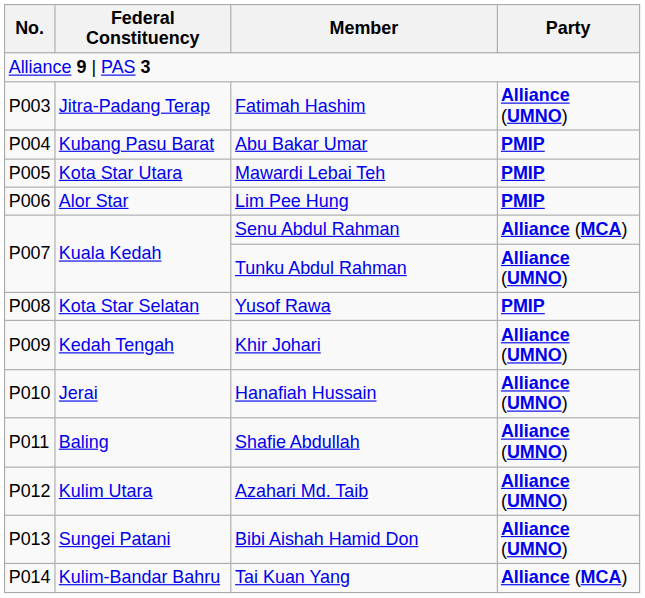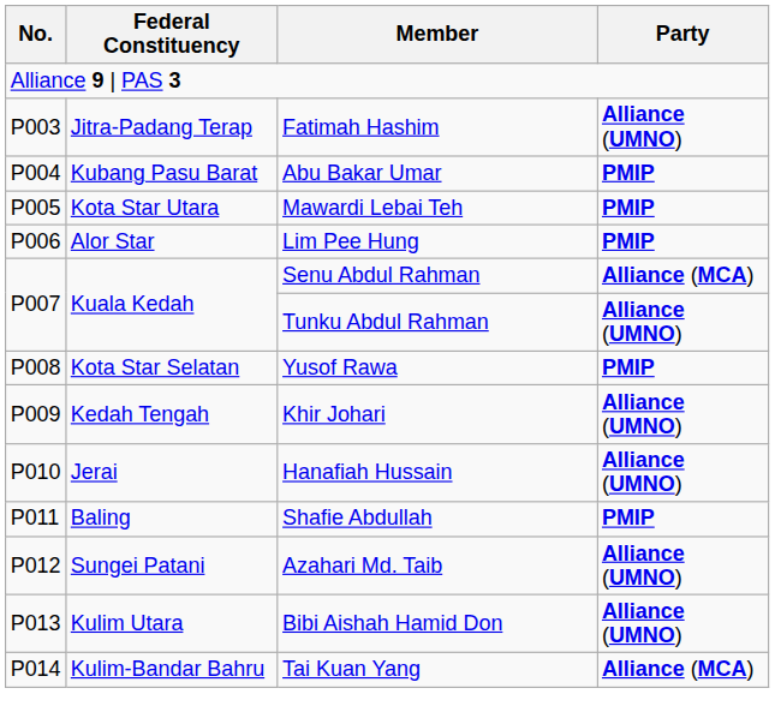 <table class="wikitable sortable">
 <tr>
 <th style="width:30px;">No.</th>
 <th style="width:150px;">Federal Constituency</th>
 <th style="width:230px;">Member</th>
 <th style="width:120px;">Party</th>
 </tr>
 <tr>
 <td colspan="4"><a href='#'>Alliance</a> <strong>9</strong> | <a href='#'>PAS</a> <strong>3</strong></td>
 </tr>
 <tr>
 <td>P003</td>
 <td><a href='#'>Jitra-Padang Terap</a></td>
 <td><a href='#'>Fatimah Hashim</a></td>
 <td><strong><a href='#'>Alliance</a></strong> (<strong><a href='#'>UMNO</a></strong>)</td>
 </tr>
 <tr>
 <td>P004</td>
 <td><a href='#'>Kubang Pasu Barat</a></td>
 <td><a href='#'>Abu Bakar Umar</a></td>
 <td><strong><a href='#'>PMIP</a></strong></td>
 </tr>
 <tr>
 <td>P005</td>
 <td><a href='#'>Kota Star Utara</a></td>
 <td><a href='#'>Mawardi Lebai Teh</a></td>
 <td><strong><a href='#'>PMIP</a></strong></td>
 </tr>
 <tr>
 <td>P006</td>
 <td><a href='#'>Alor Star</a></td>
 <td><a href='#'>Lim Pee Hung</a></td>
 <td><strong><a href='#'>PMIP</a></strong></td>
 </tr>
 <tr>
 <td rowspan=2>P007</td>
 <td rowspan=2><a href='#'>Kuala Kedah</a></td>
 <td><a href='#'>Senu Abdul Rahman</a> </td>
 <td><strong><a href='#'>Alliance</a></strong> (<strong><a href='#'>MCA</a></strong>)</td>
 </tr>
 <tr>
 <td><a href='#'>Tunku Abdul Rahman</a> </td>
 <td><strong><a href='#'>Alliance</a></strong> (<strong><a href='#'>UMNO</a></strong>)</td>
 </tr>
 <tr>
 <td>P008</td>
 <td><a href='#'>Kota Star Selatan</a></td>
 <td><a href='#'>Yusof Rawa</a></td>
 <td><strong><a href='#'>PMIP</a></strong></td>
 </tr>
 <tr>
 <td>P009</td>
 <td><a href='#'>Kedah Tengah</a></td>
 <td><a href='#'>Khir Johari</a></td>
 <td><strong><a href='#'>Alliance</a></strong> (<strong><a href='#'>UMNO</a></strong>)</td>
 </tr>
 <tr>
 <td>P010</td>
 <td><a href='#'>Jerai</a></td>
 <td><a href='#'>Hanafiah Hussain</a></td>
 <td><strong><a href='#'>Alliance</a></strong> (<strong><a href='#'>UMNO</a></strong>)</td>
 </tr>
 <tr>
 <td>P011</td>
 <td><a href='#'>Baling</a></td>
 <td><a href='#'>Shafie Abdullah</a></td>
-<td><strong><a href='#'>Alliance</a></strong> (<strong><a href='#'>UMNO</a></strong>)</td>
+<td><strong><a href='#'>PMIP</a></strong></td>
 </tr>
 <tr>
 <td>P012</td>
-<td><a href='#'>Kulim Utara</a></td>
+<td><a href='#'>Sungei Patani</a></td>
 <td><a href='#'>Azahari Md. Taib</a></td>
 <td><strong><a href='#'>Alliance</a></strong> (<strong><a href='#'>UMNO</a></strong>)</td>
 </tr>
 <tr>
 <td>P013</td>
-<td><a href='#'>Sungei Patani</a></td>
+<td><a href='#'>Kulim Utara</a></td>
 <td><a href='#'>Bibi Aishah Hamid Don</a></td>
 <td><strong><a href='#'>Alliance</a></strong> (<strong><a href='#'>UMNO</a></strong>)</td>
 </tr>
 <tr>
 <td>P014</td>
 <td><a href='#'>Kulim-Bandar Bahru</a></td>
 <td><a href='#'>Tai Kuan Yang</a></td>
 <td><strong><a href='#'>Alliance</a></strong> (<strong><a href='#'>MCA</a></strong>)</td>
 </tr>
 </table>
